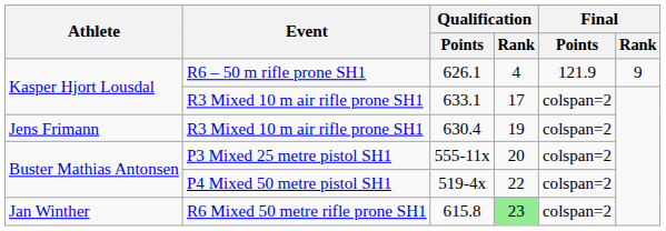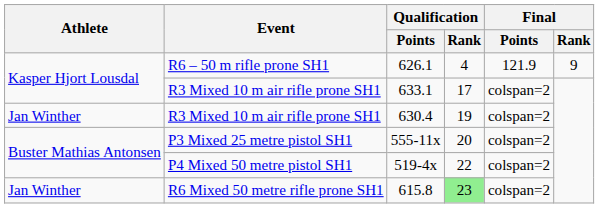 <table class="wikitable" style="font-size:90%">
 <tr>
 <th rowspan="2">Athlete</th>
 <th rowspan="2">Event</th>
 <th colspan="2">Qualification</th>
 <th colspan="2">Final</th>
 </tr>
 <tr style="font-size:95%">
 <th>Points</th>
 <th>Rank</th>
 <th>Points</th>
 <th>Rank</th>
 </tr>
 <tr align=center>
 <td align=left rowspan=2><a href='#'>Kasper Hjort Lousdal</a></td>
 <td align=left><a href='#'>R6 – 50 m rifle prone SH1</a></td>
 <td>626.1</td>
 <td>4</td>
 <td>121.9</td>
 <td>9</td>
 </tr>
 <tr align=center>
 <td align=left><a href='#'>R3 Mixed 10 m air rifle prone SH1</a></td>
 <td>633.1</td>
 <td>17</td>
 <td>colspan=2 </td>
 </tr>
 <tr align=center>
-<td align=left><a href='#'>Jens Frimann</a></td>
+<td align=left><a href='#'>Jan Winther</a></td>
 <td align=left><a href='#'>R3 Mixed 10 m air rifle prone SH1</a></td>
 <td>630.4</td>
 <td>19</td>
 <td>colspan=2 </td>
 </tr>
 <tr align=center>
 <td align=left rowspan=2><a href='#'>Buster Mathias Antonsen</a></td>
 <td align=left><a href='#'>P3 Mixed 25 metre pistol SH1</a></td>
 <td>555-11x</td>
 <td>20</td>
 <td>colspan=2 </td>
 </tr>
 <tr align=center>
 <td align=left><a href='#'>P4 Mixed 50 metre pistol SH1</a></td>
 <td>519-4x</td>
 <td>22</td>
 <td>colspan=2 </td>
 </tr>
 <tr align=center>
 <td align=left><a href='#'>Jan Winther</a></td>
 <td align=left><a href='#'>R6 Mixed 50 metre rifle prone SH1</a></td>
 <td>615.8</td>
 <td style="background: lightgreen;">23</td>
 <td>colspan=2 </td>
 </tr>
 </table>
